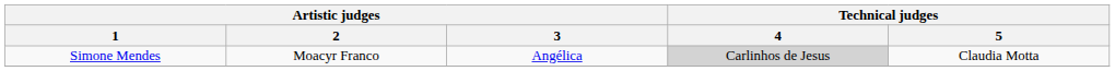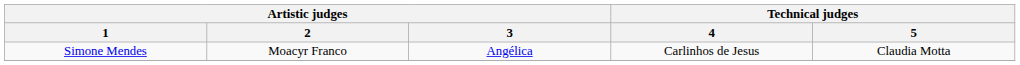 <table class="wikitable" style="font-size:100%; line-height:16px; text-align:center" width="100%">
 <tr TBA>
 <th colspan=3>Artistic judges</th>
 <th colspan=2>Technical judges</th>
 </tr>
 <tr>
 <th width="20.0%">1</th>
 <th width="20.0%">2</th>
 <th width="20.0%">3</th>
 <th width="20.0%">4</th>
 <th width="20.0%">5</th>
 </tr>
 <tr>
 <td><a href='#'>Simone Mendes</a></td>
 <td>Moacyr Franco</td>
 <td><a href='#'>Angélica</a></td>
-<td style="background: lightgrey;">Carlinhos de Jesus</td>
+<td>Carlinhos de Jesus</td>
 <td>Claudia Motta</td>
 </tr>
 <tr>
 </tr>
 </table>
